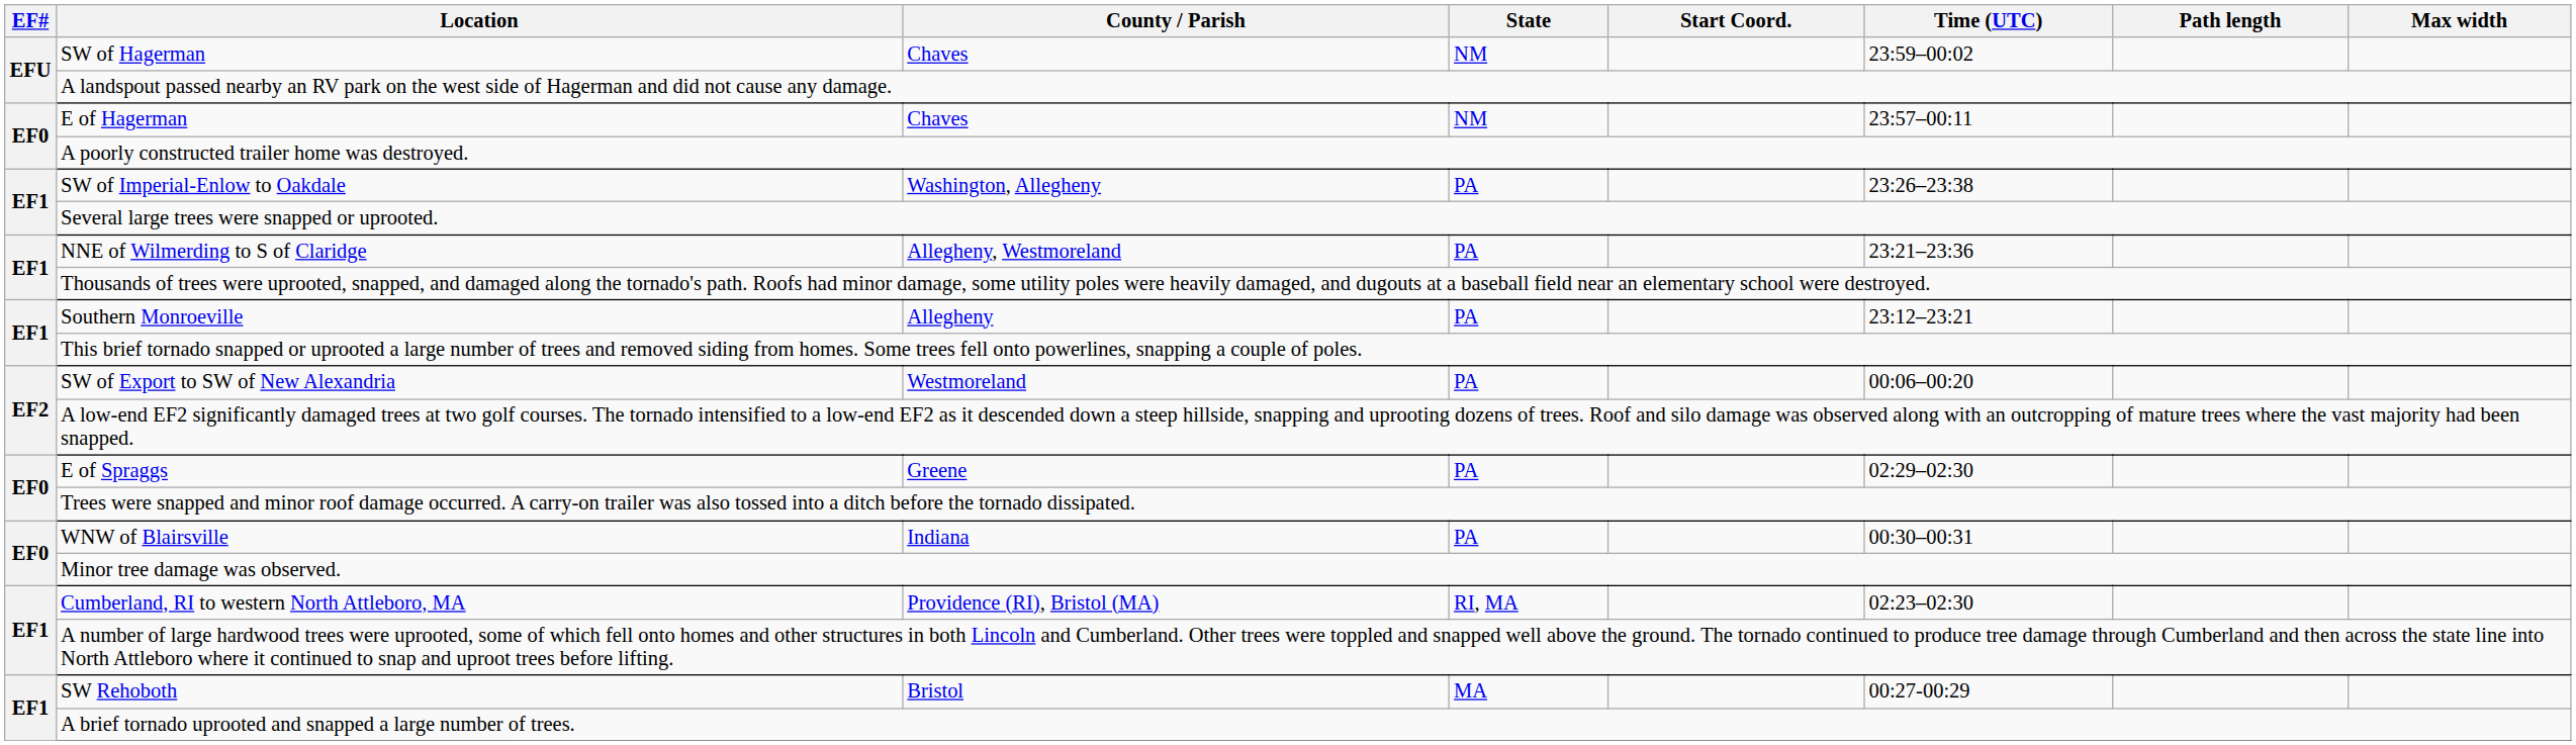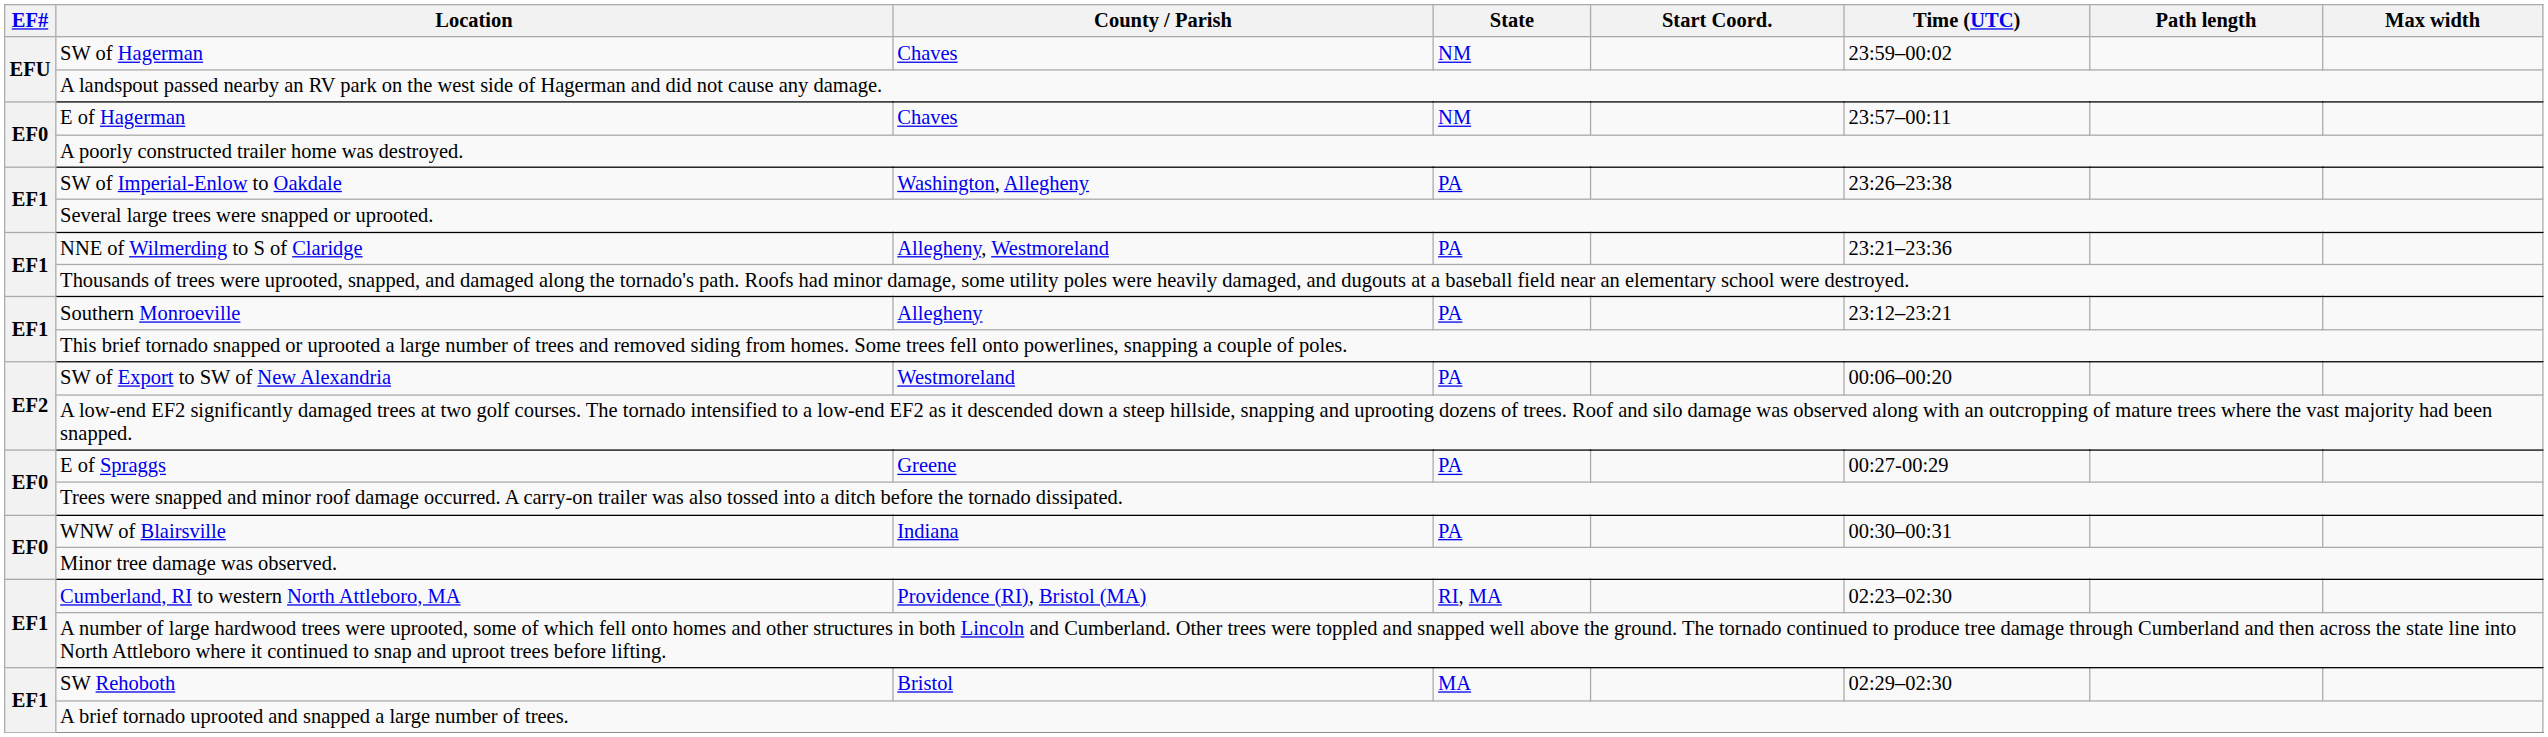 <table class="wikitable sortable" style="width:100%;">
 <tr>
 <th scope="col" width="2%" align="center"><a href='#'>EF#</a></th>
 <th scope="col" align="center" class="unsortable">Location</th>
 <th scope="col" align="center" class="unsortable">County / Parish</th>
 <th scope="col" align="center">State</th>
 <th scope="col" align="center">Start Coord.</th>
 <th scope="col" align="center">Time (<a href='#'>UTC</a>)</th>
 <th scope="col" align="center">Path length</th>
 <th scope="col" align="center">Max width</th>
 </tr>
 <tr>
 <th scope="row" rowspan="2" style="background-color:#">EFU</th>
 <td>SW of <a href='#'>Hagerman</a></td>
 <td><a href='#'>Chaves</a></td>
 <td><a href='#'>NM</a></td>
 <td></td>
 <td>23:59–00:02</td>
 <td></td>
 <td></td>
 </tr>
 <tr class="expand-child">
 <td colspan="8" style=" border-bottom: 1px solid black;">A landspout passed nearby an RV park on the west side of Hagerman and did not cause any damage.</td>
 </tr>
 <tr>
 <th scope="row" rowspan="2" style="background-color:#">EF0</th>
 <td>E of <a href='#'>Hagerman</a></td>
 <td><a href='#'>Chaves</a></td>
 <td><a href='#'>NM</a></td>
 <td></td>
 <td>23:57–00:11</td>
 <td></td>
 <td></td>
 </tr>
 <tr class="expand-child">
 <td colspan="8" style=" border-bottom: 1px solid black;">A poorly constructed trailer home was destroyed.</td>
 </tr>
 <tr>
 <th scope="row" rowspan="2" style="background-color:#">EF1</th>
 <td>SW of <a href='#'>Imperial-Enlow</a> to <a href='#'>Oakdale</a></td>
 <td><a href='#'>Washington</a>, <a href='#'>Allegheny</a></td>
 <td><a href='#'>PA</a></td>
 <td></td>
 <td>23:26–23:38</td>
 <td></td>
 <td></td>
 </tr>
 <tr class="expand-child">
 <td colspan="8" style=" border-bottom: 1px solid black;">Several large trees were snapped or uprooted.</td>
 </tr>
 <tr>
 <th scope="row" rowspan="2" style="background-color:#">EF1</th>
 <td>NNE of <a href='#'>Wilmerding</a> to S of <a href='#'>Claridge</a></td>
 <td><a href='#'>Allegheny</a>, <a href='#'>Westmoreland</a></td>
 <td><a href='#'>PA</a></td>
 <td></td>
 <td>23:21–23:36</td>
 <td></td>
 <td></td>
 </tr>
 <tr class="expand-child">
 <td colspan="8" style=" border-bottom: 1px solid black;">Thousands of trees were uprooted, snapped, and damaged along the tornado's path. Roofs had minor damage, some utility poles were heavily damaged, and dugouts at a baseball field near an elementary school were destroyed.</td>
 </tr>
 <tr>
 <th scope="row" rowspan="2" style="background-color:#">EF1</th>
 <td>Southern <a href='#'>Monroeville</a></td>
 <td><a href='#'>Allegheny</a></td>
 <td><a href='#'>PA</a></td>
 <td></td>
 <td>23:12–23:21</td>
 <td></td>
 <td></td>
 </tr>
 <tr class="expand-child">
 <td colspan="8" style=" border-bottom: 1px solid black;">This brief tornado snapped or uprooted a large number of trees and removed siding from homes. Some trees fell onto powerlines, snapping a couple of poles.</td>
 </tr>
 <tr>
 <th scope="row" rowspan="2" style="background-color:#">EF2</th>
 <td>SW of <a href='#'>Export</a> to SW of <a href='#'>New Alexandria</a></td>
 <td><a href='#'>Westmoreland</a></td>
 <td><a href='#'>PA</a></td>
 <td></td>
 <td>00:06–00:20</td>
 <td></td>
 <td></td>
 </tr>
 <tr class="expand-child">
 <td colspan="8" style=" border-bottom: 1px solid black;">A low-end EF2 significantly damaged trees at two golf courses. The tornado intensified to a low-end EF2 as it descended down a steep hillside, snapping and uprooting dozens of trees. Roof and silo damage was observed along with an outcropping of mature trees where the vast majority had been snapped.</td>
 </tr>
 <tr>
 <th scope="row" rowspan="2" style="background-color:#">EF0</th>
 <td>E of <a href='#'>Spraggs</a></td>
 <td><a href='#'>Greene</a></td>
 <td><a href='#'>PA</a></td>
 <td></td>
-<td>02:29–02:30</td>
+<td>00:27-00:29</td>
 <td></td>
 <td></td>
 </tr>
 <tr class="expand-child">
 <td colspan="8" style=" border-bottom: 1px solid black;">Trees were snapped and minor roof damage occurred. A carry-on trailer was also tossed into a ditch before the tornado dissipated.</td>
 </tr>
 <tr>
 <th scope="row" rowspan="2" style="background-color:#">EF0</th>
 <td>WNW of <a href='#'>Blairsville</a></td>
 <td><a href='#'>Indiana</a></td>
 <td><a href='#'>PA</a></td>
 <td></td>
 <td>00:30–00:31</td>
 <td></td>
 <td></td>
 </tr>
 <tr class="expand-child">
 <td colspan="8" style=" border-bottom: 1px solid black;">Minor tree damage was observed.</td>
 </tr>
 <tr>
 <th scope="row" rowspan="2" style="background-color:#">EF1</th>
 <td><a href='#'>Cumberland, RI</a> to western <a href='#'>North Attleboro, MA</a></td>
 <td><a href='#'>Providence (RI)</a>, <a href='#'>Bristol (MA)</a></td>
 <td><a href='#'>RI</a>, <a href='#'>MA</a></td>
 <td></td>
 <td>02:23–02:30</td>
 <td></td>
 <td></td>
 </tr>
 <tr class="expand-child">
 <td colspan="8" style=" border-bottom: 1px solid black;">A number of large hardwood trees were uprooted, some of which fell onto homes and other structures in both <a href='#'>Lincoln</a> and Cumberland. Other trees were toppled and snapped well above the ground. The tornado continued to produce tree damage through Cumberland and then across the state line into North Attleboro where it continued to snap and uproot trees before lifting.</td>
 </tr>
 <tr>
 <th scope="row" rowspan="2" style="background-color:#">EF1</th>
 <td>SW <a href='#'>Rehoboth</a></td>
 <td><a href='#'>Bristol</a></td>
 <td><a href='#'>MA</a></td>
 <td></td>
-<td>00:27-00:29</td>
+<td>02:29–02:30</td>
 <td></td>
 <td></td>
 </tr>
 <tr class="expand-child">
 <td colspan="8" style=" border-bottom: 1px solid black;">A brief tornado uprooted and snapped a large number of trees.</td>
 </tr>
 <tr>
 </tr>
 </table>
